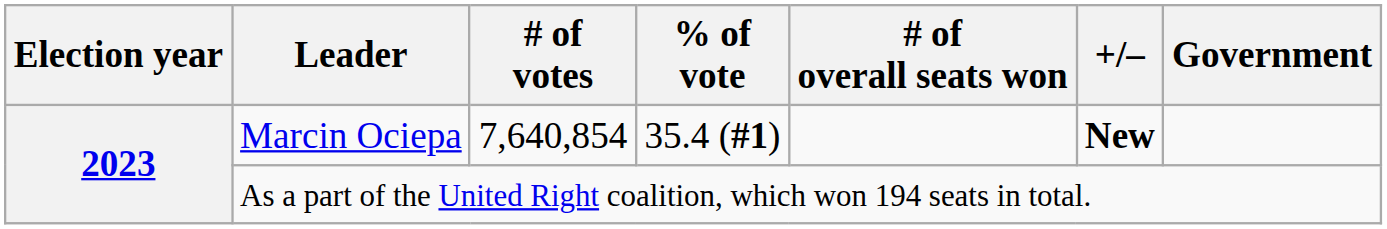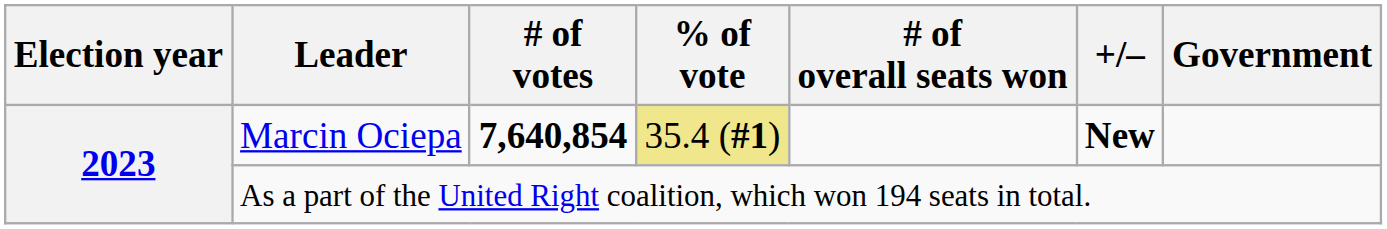 <table class=wikitable>
 <tr>
 <th>Election year</th>
 <th>Leader</th>
 <th># of<br>votes</th>
 <th>% of<br>vote</th>
 <th># of<br>overall seats won</th>
 <th>+/–</th>
 <th>Government</th>
 </tr>
 <tr>
 <th rowspan="2"><a href='#'>2023</a></th>
 <td><a href='#'>Marcin Ociepa</a></td>
-<td>7,640,854</td>
-<td>35.4 (<strong>#1</strong>)</td>
+<td><strong>7,640,854</strong></td>
+<td style="background: khaki;">35.4 (<strong>#1</strong>)</td>
 <td></td>
 <td><strong>New</strong></td>
 <td></td>
 </tr>
 <tr>
 <td colspan="6"><small>As a part of the <a href='#'>United Right</a> coalition, which won 194 seats in total.</small></td>
 </tr>
 </table>
